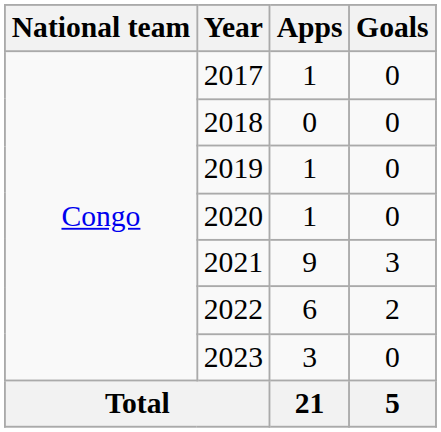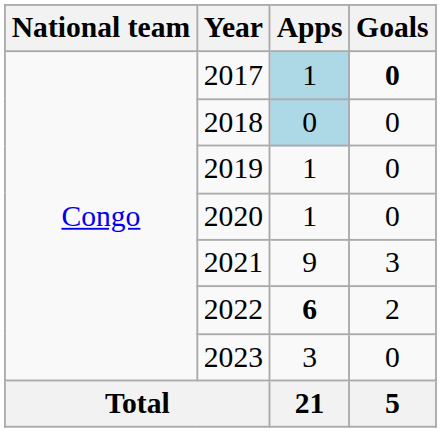 <table class="wikitable" style="text-align:center">
 <tr>
 <th>National team</th>
 <th>Year</th>
 <th>Apps</th>
 <th>Goals</th>
 </tr>
 <tr>
 <td rowspan="7"><a href='#'>Congo</a></td>
 <td>2017</td>
-<td>1</td>
-<td>0</td>
+<td style="background: lightblue;">1</td>
+<td><strong>0</strong></td>
 </tr>
 <tr>
 <td>2018</td>
-<td>0</td>
+<td style="background: lightblue;">0</td>
 <td>0</td>
 </tr>
 <tr>
 <td>2019</td>
 <td>1</td>
 <td>0</td>
 </tr>
 <tr>
 <td>2020</td>
 <td>1</td>
 <td>0</td>
 </tr>
 <tr>
 <td>2021</td>
 <td>9</td>
 <td>3</td>
 </tr>
 <tr>
 <td>2022</td>
-<td>6</td>
+<td><strong>6</strong></td>
 <td>2</td>
 </tr>
 <tr>
 <td>2023</td>
 <td>3</td>
 <td>0</td>
 </tr>
 <tr>
 <th colspan=2>Total</th>
 <th>21</th>
 <th>5</th>
 </tr>
 </table>
